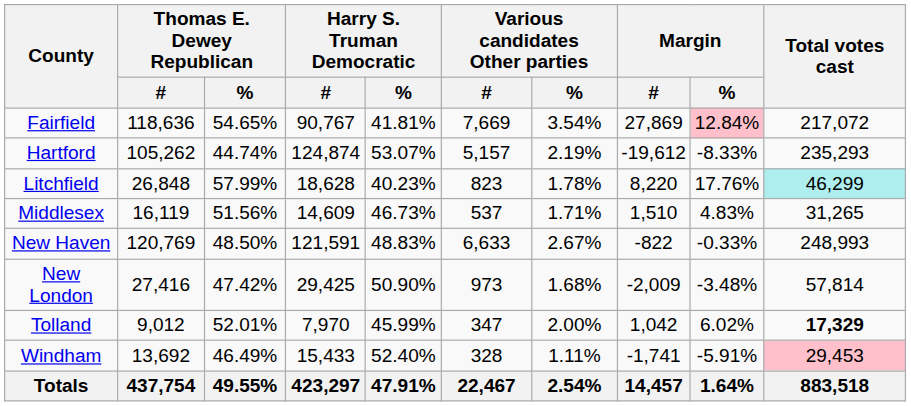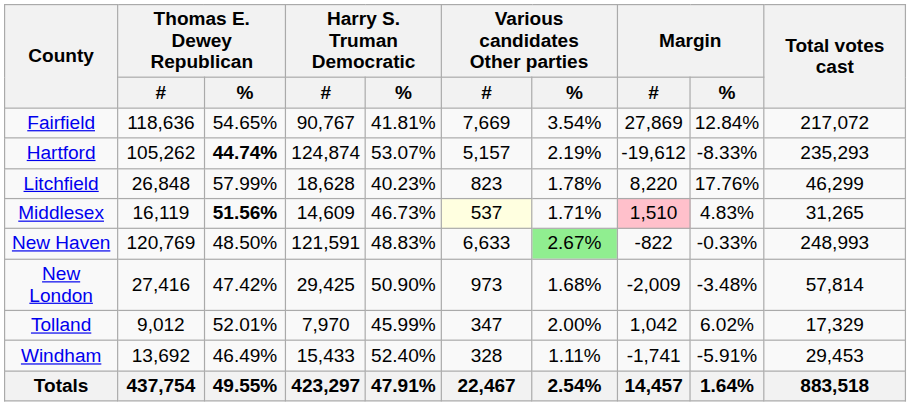 <table width="60%"  class="wikitable sortable" style="text-align:center">
 <tr>
 <th style="text-align:center;" rowspan="2">County</th>
 <th style="text-align:center;" colspan="2">Thomas E. Dewey<br>Republican</th>
 <th style="text-align:center;" colspan="2">Harry S. Truman<br>Democratic</th>
 <th style="text-align:center;" colspan="2">Various candidates<br>Other parties</th>
 <th style="text-align:center;" colspan="2">Margin</th>
 <th style="text-align:center;" rowspan="2">Total votes cast</th>
 </tr>
 <tr>
 <th style="text-align:center;" data-sort-type="number">#</th>
 <th style="text-align:center;" data-sort-type="number">%</th>
 <th style="text-align:center;" data-sort-type="number">#</th>
 <th style="text-align:center;" data-sort-type="number">%</th>
 <th style="text-align:center;" data-sort-type="number">#</th>
 <th style="text-align:center;" data-sort-type="number">%</th>
 <th style="text-align:center;" data-sort-type="number">#</th>
 <th style="text-align:center;" data-sort-type="number">%</th>
 </tr>
 <tr style="text-align:center;">
 <td><a href='#'>Fairfield</a></td>
 <td>118,636</td>
 <td>54.65%</td>
 <td>90,767</td>
 <td>41.81%</td>
 <td>7,669</td>
 <td>3.54%</td>
 <td>27,869</td>
-<td style="background: pink;">12.84%</td>
+<td>12.84%</td>
 <td>217,072</td>
 </tr>
 <tr style="text-align:center;">
 <td><a href='#'>Hartford</a></td>
 <td>105,262</td>
-<td>44.74%</td>
+<td><strong>44.74%</strong></td>
 <td>124,874</td>
 <td>53.07%</td>
 <td>5,157</td>
 <td>2.19%</td>
 <td>-19,612</td>
 <td>-8.33%</td>
 <td>235,293</td>
 </tr>
 <tr style="text-align:center;">
 <td><a href='#'>Litchfield</a></td>
 <td>26,848</td>
 <td>57.99%</td>
 <td>18,628</td>
 <td>40.23%</td>
 <td>823</td>
 <td>1.78%</td>
 <td>8,220</td>
 <td>17.76%</td>
-<td style="background: paleturquoise;">46,299</td>
+<td>46,299</td>
 </tr>
 <tr style="text-align:center;">
 <td><a href='#'>Middlesex</a></td>
 <td>16,119</td>
-<td>51.56%</td>
+<td><strong>51.56%</strong></td>
 <td>14,609</td>
 <td>46.73%</td>
-<td>537</td>
+<td style="background: lightyellow;">537</td>
 <td>1.71%</td>
-<td>1,510</td>
+<td style="background: pink;">1,510</td>
 <td>4.83%</td>
 <td>31,265</td>
 </tr>
 <tr style="text-align:center;">
 <td><a href='#'>New Haven</a></td>
 <td>120,769</td>
 <td>48.50%</td>
 <td>121,591</td>
 <td>48.83%</td>
 <td>6,633</td>
-<td>2.67%</td>
+<td style="background: lightgreen;">2.67%</td>
 <td>-822</td>
 <td>-0.33%</td>
 <td>248,993</td>
 </tr>
 <tr style="text-align:center;">
 <td><a href='#'>New London</a></td>
 <td>27,416</td>
 <td>47.42%</td>
 <td>29,425</td>
 <td>50.90%</td>
 <td>973</td>
 <td>1.68%</td>
 <td>-2,009</td>
 <td>-3.48%</td>
 <td>57,814</td>
 </tr>
 <tr style="text-align:center;">
 <td><a href='#'>Tolland</a></td>
 <td>9,012</td>
 <td>52.01%</td>
 <td>7,970</td>
 <td>45.99%</td>
 <td>347</td>
 <td>2.00%</td>
 <td>1,042</td>
 <td>6.02%</td>
-<td><strong>17,329</strong></td>
+<td>17,329</td>
 </tr>
 <tr style="text-align:center;">
 <td><a href='#'>Windham</a></td>
 <td>13,692</td>
 <td>46.49%</td>
 <td>15,433</td>
 <td>52.40%</td>
 <td>328</td>
 <td>1.11%</td>
 <td>-1,741</td>
 <td>-5.91%</td>
-<td style="background: pink;">29,453</td>
+<td>29,453</td>
 </tr>
 <tr>
 <th>Totals</th>
 <th>437,754</th>
 <th>49.55%</th>
 <th>423,297</th>
 <th>47.91%</th>
 <th>22,467</th>
 <th>2.54%</th>
 <th>14,457</th>
 <th>1.64%</th>
 <th>883,518</th>
 </tr>
 </table>
